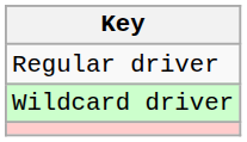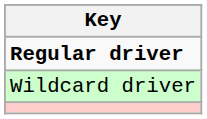 <table class="wikitable" style="font-size: 85%;">
 <tr>
 <th colspan=2>Key</th>
 </tr>
 <tr>
-<td>Regular driver</td>
+<td><strong>Regular driver</strong></td>
 </tr>
 <tr style="background:#ccffcc;">
 <td>Wildcard driver</td>
 </tr>
 <tr style="background:#ffcccc;">
 <td></td>
 </tr>
 </table>
